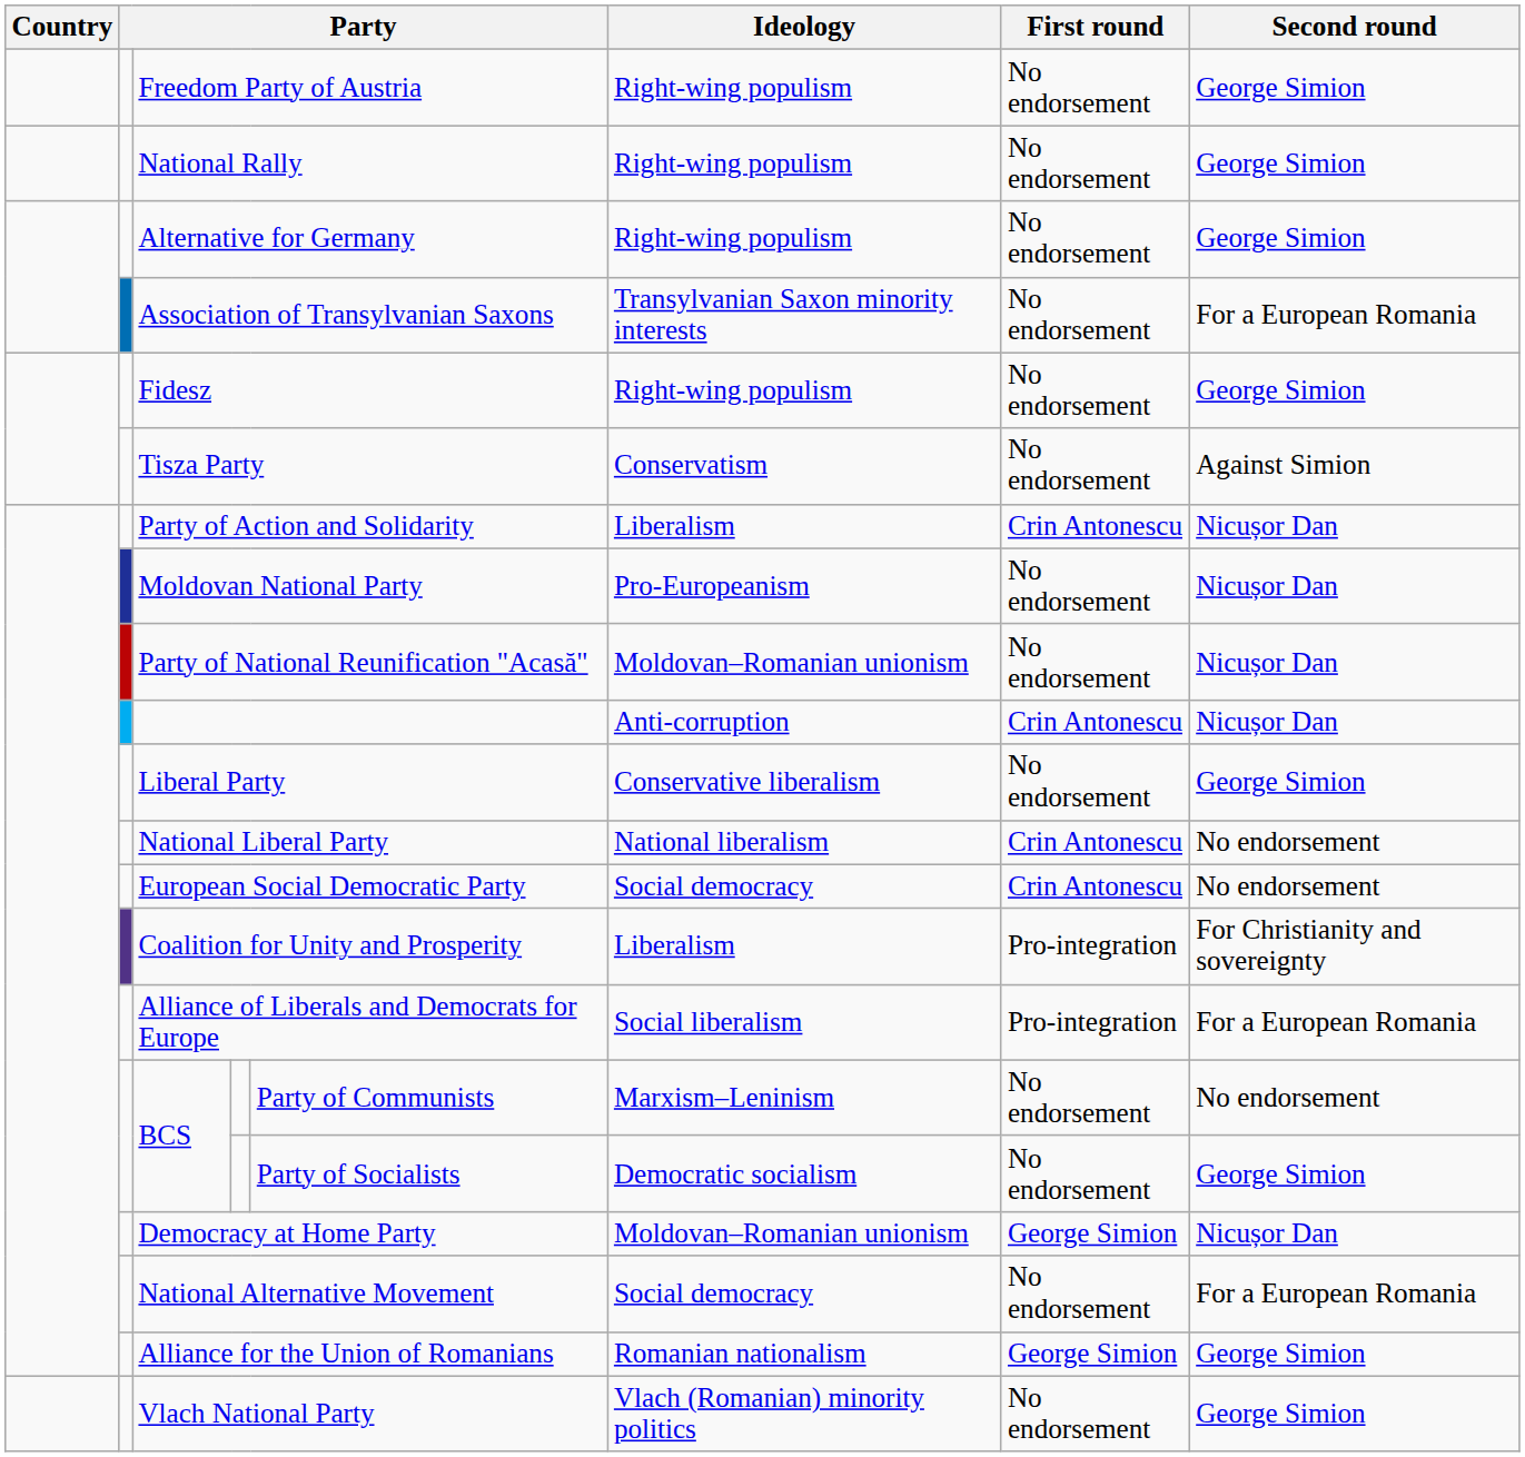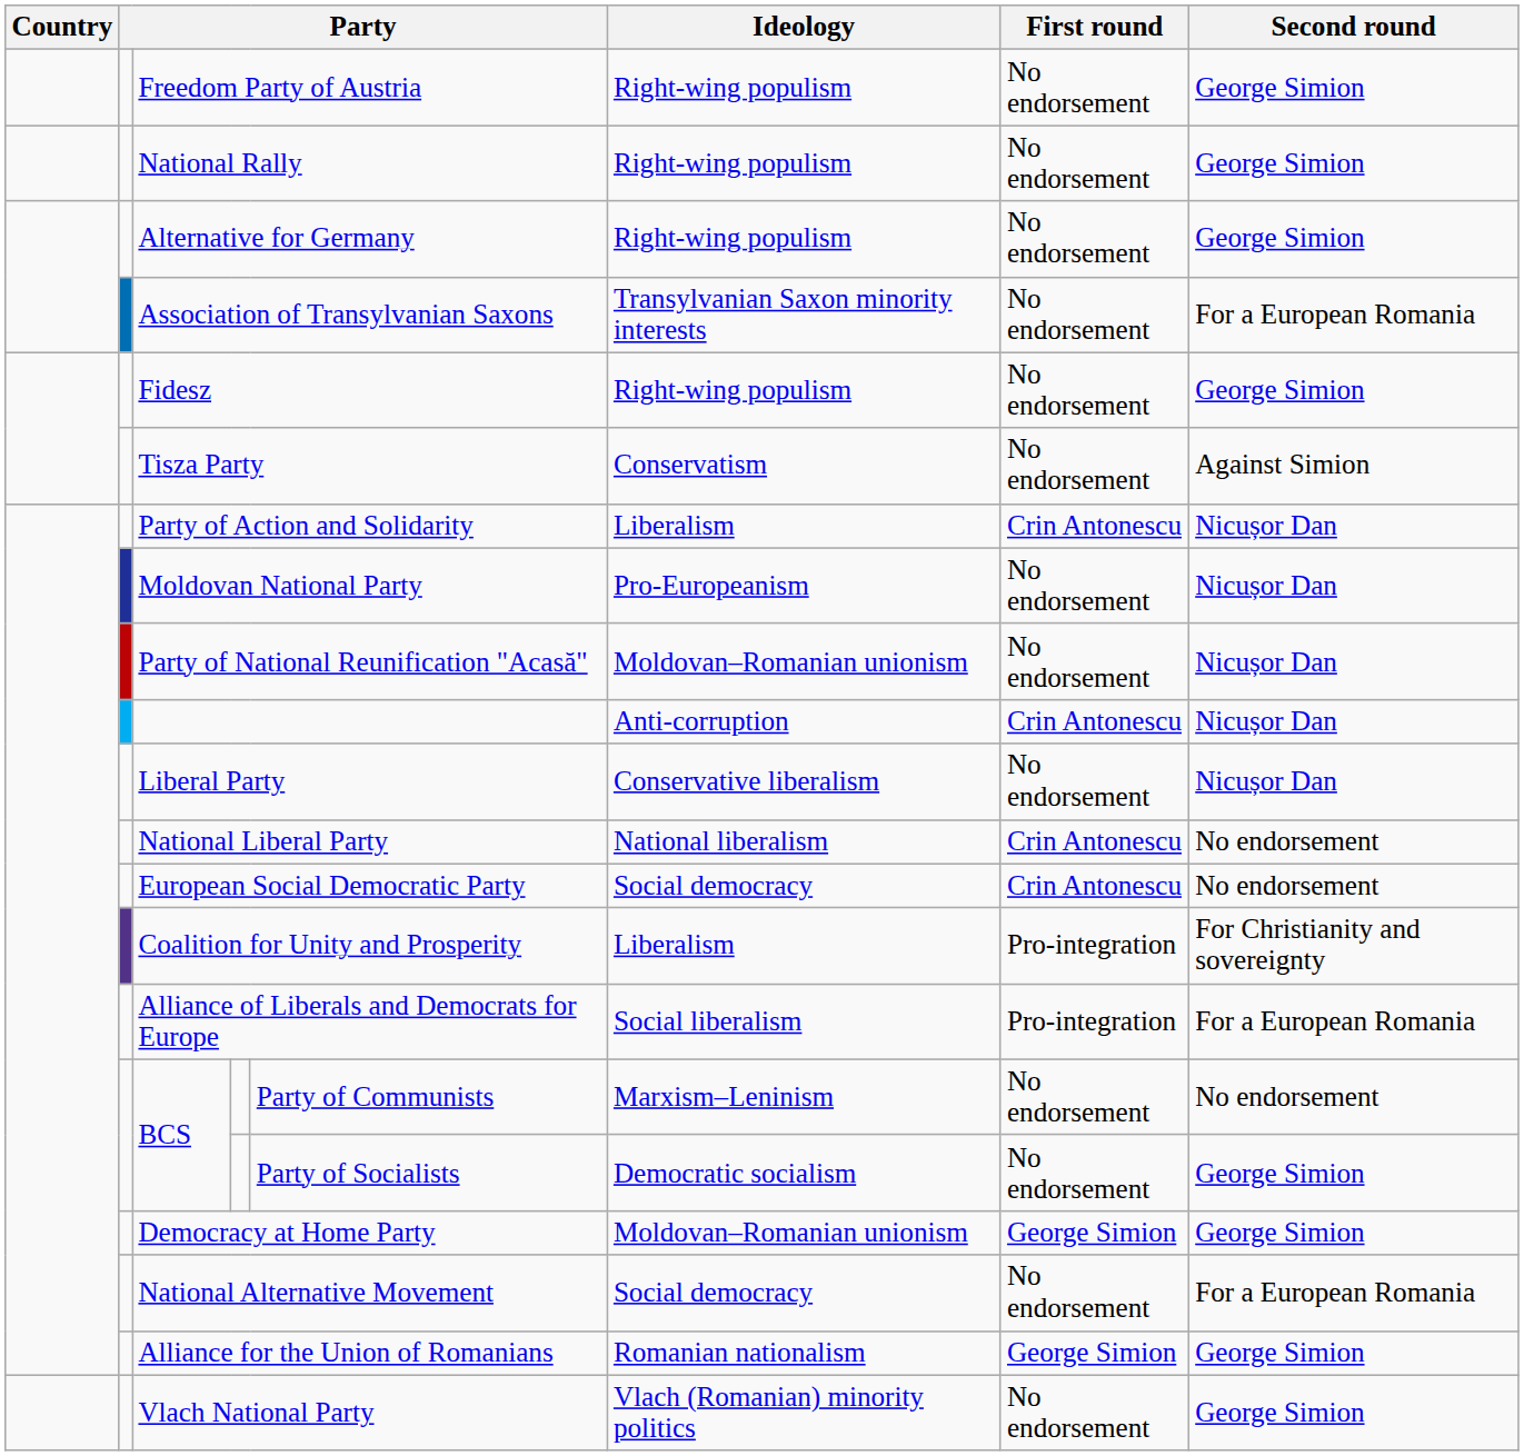 <table class="wikitable nowrap sortable collapsible collapsed">
 <tr>
 <th>Country</th>
 <th colspan="4">Party</th>
 <th>Ideology</th>
 <th>First round</th>
 <th>Second round</th>
 </tr>
 <tr>
 <td></td>
 <td style="background-color: "></td>
 <td colspan="3"><a href='#'>Freedom Party of Austria</a></td>
 <td><a href='#'>Right-wing populism</a></td>
 <td>No endorsement</td>
 <td><a href='#'>George Simion</a></td>
 </tr>
 <tr>
 <td></td>
 <td style="background-color: "></td>
 <td colspan="3"><a href='#'>National Rally</a></td>
 <td><a href='#'>Right-wing populism</a></td>
 <td>No endorsement</td>
 <td><a href='#'>George Simion</a></td>
 </tr>
 <tr>
 <td rowspan=2></td>
 <td style="background-color: "></td>
 <td colspan="3"><a href='#'>Alternative for Germany</a></td>
 <td><a href='#'>Right-wing populism</a></td>
 <td>No endorsement</td>
 <td><a href='#'>George Simion</a></td>
 </tr>
 <tr>
 <td style="background-color: #006eb3;"></td>
 <td colspan="3"><a href='#'>Association of Transylvanian Saxons</a></td>
 <td><a href='#'>Transylvanian Saxon minority interests</a></td>
 <td>No endorsement</td>
 <td>For a European Romania</td>
 </tr>
 <tr>
 <td rowspan=2></td>
 <td style="background-color: "></td>
 <td colspan="3"><a href='#'>Fidesz</a></td>
 <td><a href='#'>Right-wing populism</a></td>
 <td>No endorsement</td>
 <td><a href='#'>George Simion</a></td>
 </tr>
 <tr>
 <td style="background-color: "></td>
 <td colspan="3"><a href='#'>Tisza Party</a></td>
 <td><a href='#'>Conservatism</a></td>
 <td>No endorsement</td>
 <td>Against Simion</td>
 </tr>
 <tr>
 <td rowspan=14></td>
 <td style="background-color: "></td>
 <td colspan="3"><a href='#'>Party of Action and Solidarity</a></td>
 <td><a href='#'>Liberalism</a></td>
 <td><a href='#'>Crin Antonescu</a></td>
 <td><a href='#'>Nicușor Dan</a></td>
 </tr>
 <tr>
 <td style="background-color: #1E2F97;"></td>
 <td colspan="3"><a href='#'>Moldovan National Party</a></td>
 <td><a href='#'>Pro-Europeanism</a></td>
 <td>No endorsement</td>
 <td><a href='#'>Nicușor Dan</a></td>
 </tr>
 <tr>
 <td style="background-color: #bb0305;"></td>
 <td colspan="3"><a href='#'>Party of National Reunification "Acasă"</a></td>
 <td><a href='#'>Moldovan–Romanian unionism</a></td>
 <td>No endorsement</td>
 <td><a href='#'>Nicușor Dan</a></td>
 </tr>
 <tr>
 <td bgcolor=#00ADF1></td>
 <td colspan="3"></td>
 <td><a href='#'>Anti-corruption</a></td>
 <td><a href='#'>Crin Antonescu</a></td>
 <td><a href='#'>Nicușor Dan</a></td>
 </tr>
 <tr>
 <td style="background-color: "></td>
 <td colspan="3"><a href='#'>Liberal Party</a></td>
 <td><a href='#'>Conservative liberalism</a></td>
 <td>No endorsement</td>
-<td><a href='#'>George Simion</a></td>
+<td><a href='#'>Nicușor Dan</a></td>
 </tr>
 <tr>
 <td style="background-color: "></td>
 <td colspan="3"><a href='#'>National Liberal Party</a></td>
 <td><a href='#'>National liberalism</a></td>
 <td><a href='#'>Crin Antonescu</a></td>
 <td>No endorsement</td>
 </tr>
 <tr>
 <td style="background-color: "></td>
 <td colspan="3"><a href='#'>European Social Democratic Party</a></td>
 <td><a href='#'>Social democracy</a></td>
 <td><a href='#'>Crin Antonescu</a></td>
 <td>No endorsement</td>
 </tr>
 <tr>
 <td style="background-color: #513286"></td>
 <td colspan="3"><a href='#'>Coalition for Unity and Prosperity</a></td>
 <td><a href='#'>Liberalism</a></td>
 <td>Pro-integration</td>
 <td>For Christianity and sovereignty</td>
 </tr>
 <tr>
 <td style="background-color: "></td>
 <td colspan="3"><a href='#'>Alliance of Liberals and Democrats for Europe</a></td>
 <td><a href='#'>Social liberalism</a></td>
 <td>Pro-integration</td>
 <td>For a European Romania</td>
 </tr>
 <tr>
 <td rowspan="2" style="background-color: "></td>
 <td rowspan="2"><a href='#'>BCS</a></td>
 <td style="background-color: "></td>
 <td><a href='#'>Party of Communists</a></td>
 <td><a href='#'>Marxism–Leninism</a></td>
 <td>No endorsement</td>
 <td>No endorsement</td>
 </tr>
 <tr>
 <td style="background-color: "></td>
 <td><a href='#'>Party of Socialists</a></td>
 <td><a href='#'>Democratic socialism</a></td>
 <td>No endorsement</td>
 <td><a href='#'>George Simion</a></td>
 </tr>
 <tr>
 <td style="background-color: "></td>
 <td colspan="3"><a href='#'>Democracy at Home Party</a></td>
 <td><a href='#'>Moldovan–Romanian unionism</a></td>
 <td><a href='#'>George Simion</a></td>
-<td><a href='#'>Nicușor Dan</a></td>
+<td><a href='#'>George Simion</a></td>
 </tr>
 <tr>
 <td style="background-color: "></td>
 <td colspan="3"><a href='#'>National Alternative Movement</a></td>
 <td><a href='#'>Social democracy</a></td>
 <td>No endorsement</td>
 <td>For a European Romania</td>
 </tr>
 <tr>
 <td style="background-color: "></td>
 <td colspan="3"><a href='#'>Alliance for the Union of Romanians</a></td>
 <td><a href='#'>Romanian nationalism</a></td>
 <td><a href='#'>George Simion</a></td>
 <td><a href='#'>George Simion</a></td>
 </tr>
 <tr>
 <td></td>
 <td style="background-color: "></td>
 <td colspan="3"><a href='#'>Vlach National Party</a></td>
 <td><a href='#'>Vlach (Romanian) minority politics</a></td>
 <td>No endorsement</td>
 <td><a href='#'>George Simion</a></td>
 </tr>
 </table>
